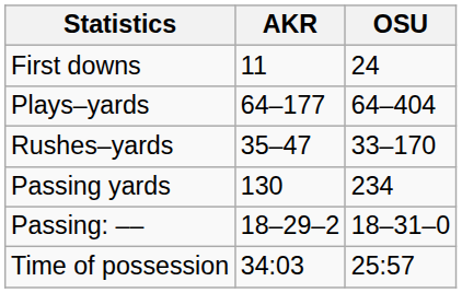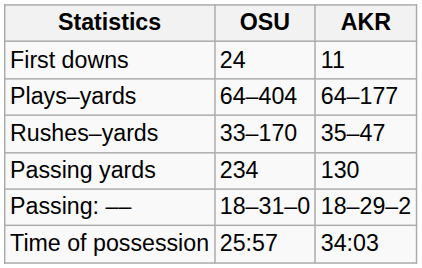 <table class="wikitable" style="float:left">
 <tr>
 <th>Statistics</th>
+<th>OSU</th>
 <th>AKR</th>
-<th>OSU</th>
 </tr>
 <tr>
 <td>First downs</td>
+<td>24</td>
 <td>11</td>
-<td>24</td>
 </tr>
 <tr>
 <td>Plays–yards</td>
+<td>64–404</td>
 <td>64–177</td>
-<td>64–404</td>
 </tr>
 <tr>
 <td>Rushes–yards</td>
+<td>33–170</td>
 <td>35–47</td>
-<td>33–170</td>
 </tr>
 <tr>
 <td>Passing yards</td>
+<td>234</td>
 <td>130</td>
-<td>234</td>
 </tr>
 <tr>
 <td>Passing: ––</td>
+<td>18–31–0</td>
 <td>18–29–2</td>
-<td>18–31–0</td>
 </tr>
 <tr>
 <td>Time of possession</td>
+<td>25:57</td>
 <td>34:03</td>
-<td>25:57</td>
 </tr>
 </table>
